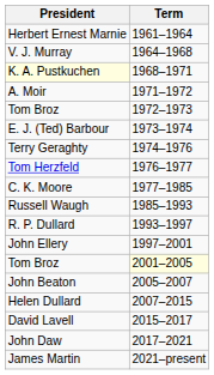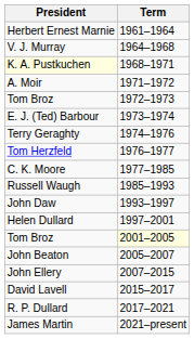 <table class="wikitable">
 <tr>
 <th>President</th>
 <th>Term</th>
 </tr>
 <tr>
 <td>Herbert Ernest Marnie</td>
 <td>1961–1964</td>
 </tr>
 <tr>
 <td>V. J. Murray</td>
 <td>1964–1968</td>
 </tr>
 <tr>
 <td style="background: lightyellow;">K. A. Pustkuchen</td>
 <td>1968–1971</td>
 </tr>
 <tr>
 <td>A. Moir</td>
 <td>1971–1972</td>
 </tr>
 <tr>
 <td>Tom Broz</td>
 <td>1972–1973</td>
 </tr>
 <tr>
 <td>E. J. (Ted) Barbour</td>
 <td>1973–1974</td>
 </tr>
 <tr>
 <td>Terry Geraghty</td>
 <td>1974–1976</td>
 </tr>
 <tr>
 <td><a href='#'>Tom Herzfeld</a></td>
 <td>1976–1977</td>
 </tr>
 <tr>
 <td>C. K. Moore</td>
 <td>1977–1985</td>
 </tr>
 <tr>
 <td>Russell Waugh</td>
 <td>1985–1993</td>
 </tr>
 <tr>
-<td>R. P. Dullard</td>
+<td>John Daw</td>
 <td>1993–1997</td>
 </tr>
 <tr>
-<td>John Ellery</td>
+<td>Helen Dullard</td>
 <td>1997–2001</td>
 </tr>
 <tr>
 <td>Tom Broz</td>
 <td style="background: lightyellow;">2001–2005</td>
 </tr>
 <tr>
 <td>John Beaton</td>
 <td>2005–2007</td>
 </tr>
 <tr>
-<td>Helen Dullard</td>
+<td>John Ellery</td>
 <td>2007–2015</td>
 </tr>
 <tr>
 <td>David Lavell</td>
 <td>2015–2017</td>
 </tr>
 <tr>
-<td>John Daw</td>
+<td>R. P. Dullard</td>
 <td>2017–2021</td>
 </tr>
 <tr>
 <td>James Martin</td>
 <td>2021–present</td>
 </tr>
 </table>
